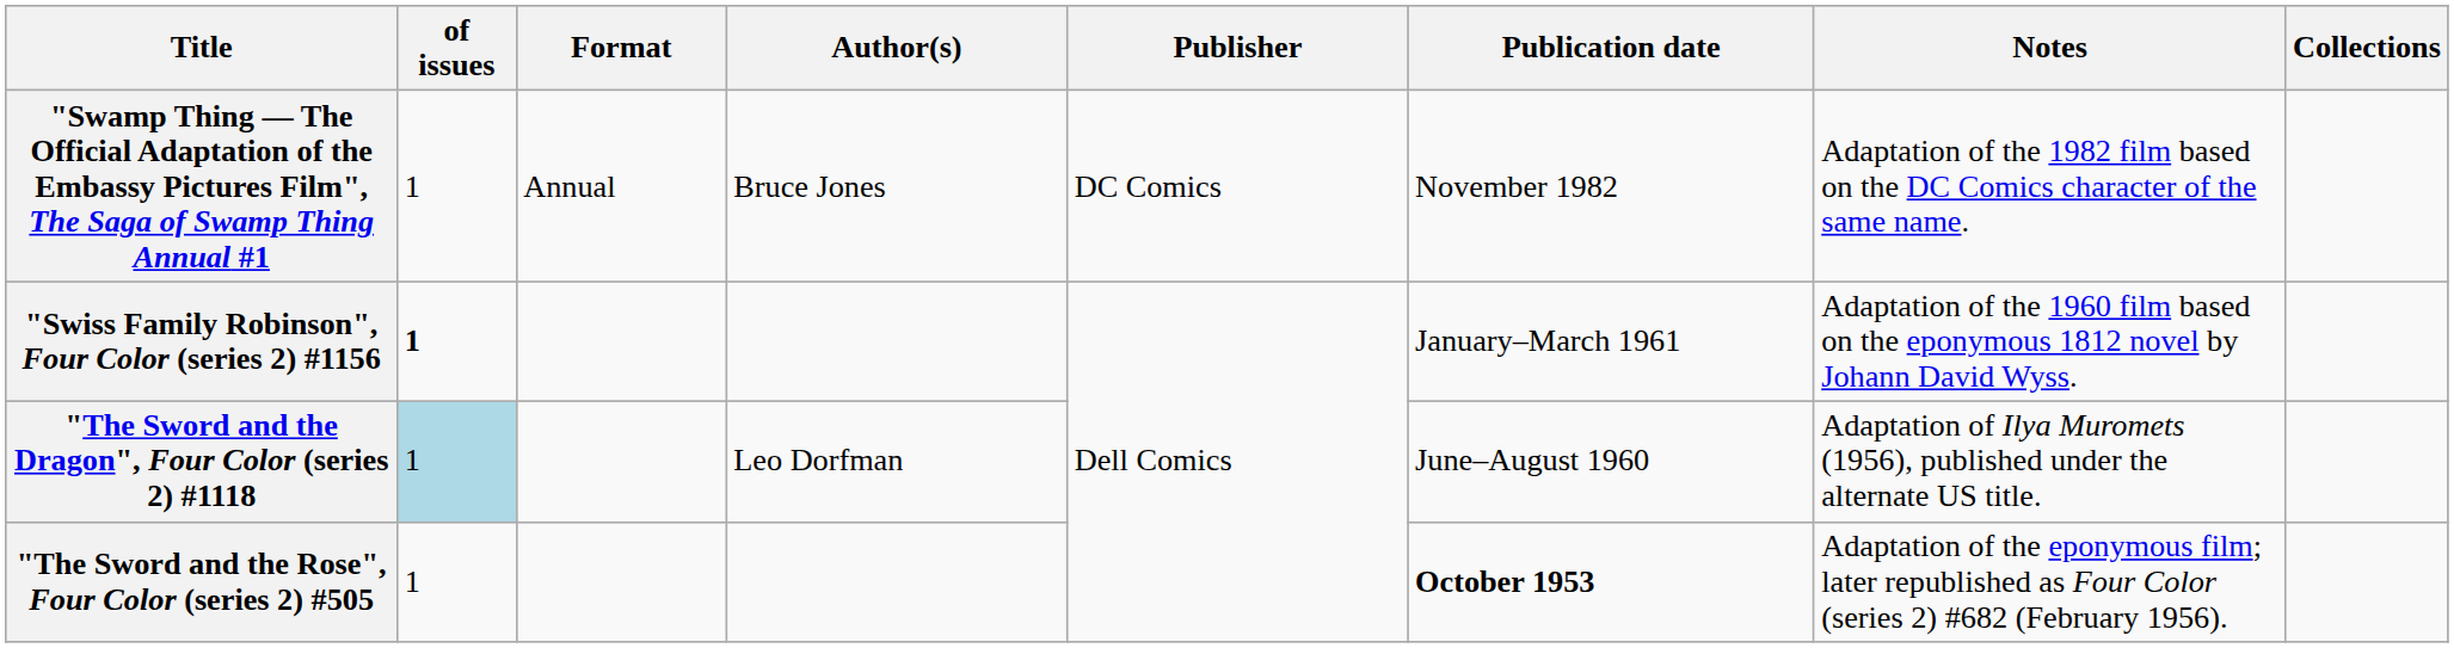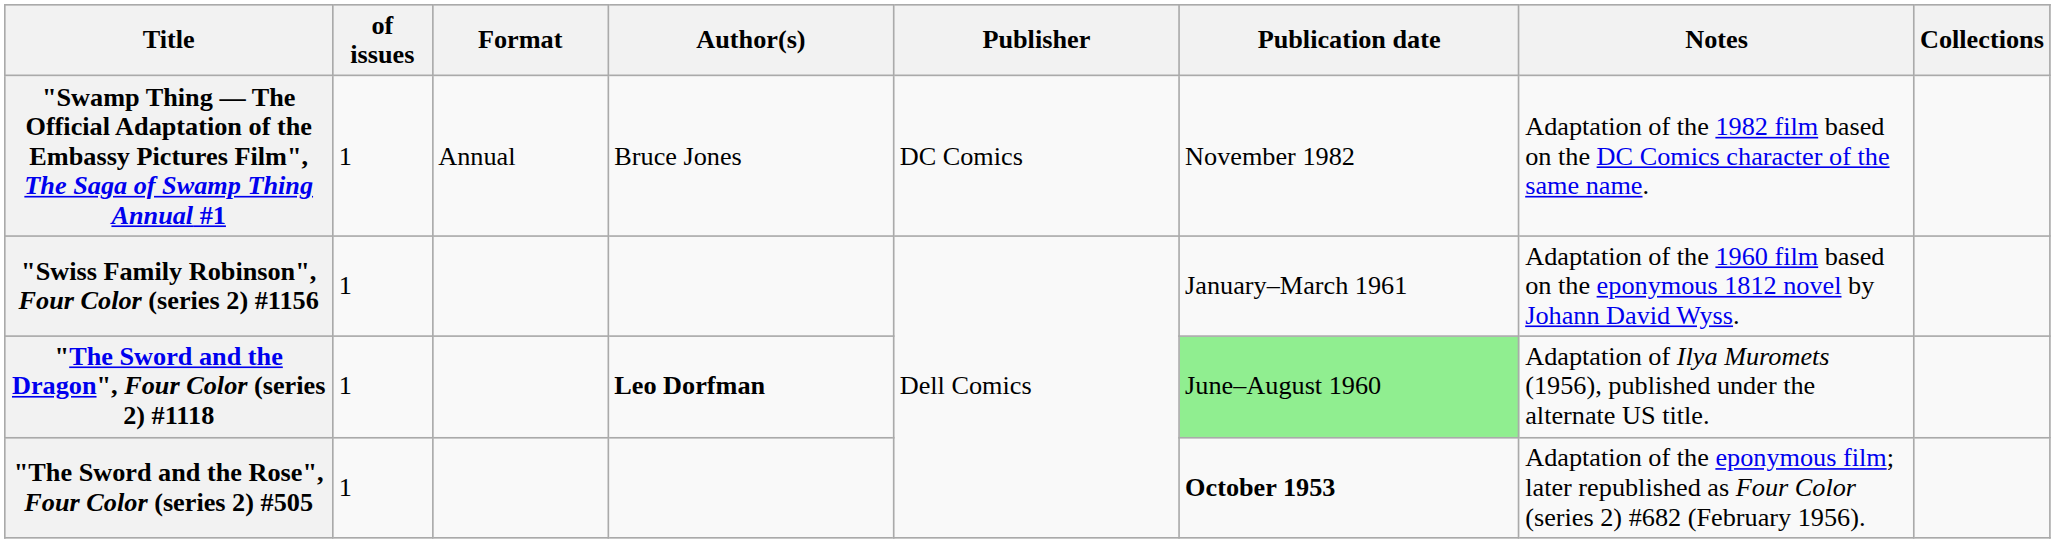 <table class="wikitable">
 <tr>
 <th>Title</th>
 <th style="width:40pt"> of issues</th>
 <th style="width:75pt">Format</th>
 <th style="width:125pt">Author(s)</th>
 <th style="width:125pt">Publisher</th>
 <th style="width:150pt">Publication date</th>
 <th style="width:175pt">Notes</th>
 <th>Collections</th>
 </tr>
 <tr>
 <th>"Swamp Thing — The Official Adaptation of the Embassy Pictures Film", <a href='#'><em>The Saga of Swamp Thing Annual</em> #1</a></th>
 <td>1</td>
 <td>Annual</td>
 <td>Bruce Jones</td>
 <td>DC Comics</td>
 <td>November 1982</td>
 <td>Adaptation of the <a href='#'>1982 film</a> based on the <a href='#'>DC Comics character of the same name</a>.</td>
 <td></td>
 </tr>
 <tr>
 <th>"Swiss Family Robinson", <em>Four Color</em> (series 2) #1156</th>
-<td><strong>1</strong></td>
+<td>1</td>
 <td></td>
 <td></td>
 <td rowspan="3">Dell Comics</td>
 <td>January–March 1961</td>
 <td>Adaptation of the <a href='#'>1960 film</a> based on the <a href='#'>eponymous 1812 novel</a> by <a href='#'>Johann David Wyss</a>.</td>
 <td></td>
 </tr>
 <tr>
 <th>"<a href='#'>The Sword and the Dragon</a>", <em>Four Color</em> (series 2) #1118</th>
-<td style="background: lightblue;">1</td>
+<td>1</td>
 <td></td>
-<td>Leo Dorfman</td>
-<td>June–August 1960</td>
+<td><strong>Leo Dorfman</strong></td>
+<td style="background: lightgreen;">June–August 1960</td>
 <td>Adaptation of <em>Ilya Muromets</em> (1956), published under the alternate US title.</td>
 <td></td>
 </tr>
 <tr>
 <th>"The Sword and the Rose", <em>Four Color</em> (series 2) #505</th>
 <td>1</td>
 <td></td>
 <td></td>
 <td><strong>October 1953</strong></td>
 <td>Adaptation of the <a href='#'>eponymous film</a>; later republished as <em>Four Color</em> (series 2) #682 (February 1956).</td>
 <td></td>
 </tr>
 </table>
